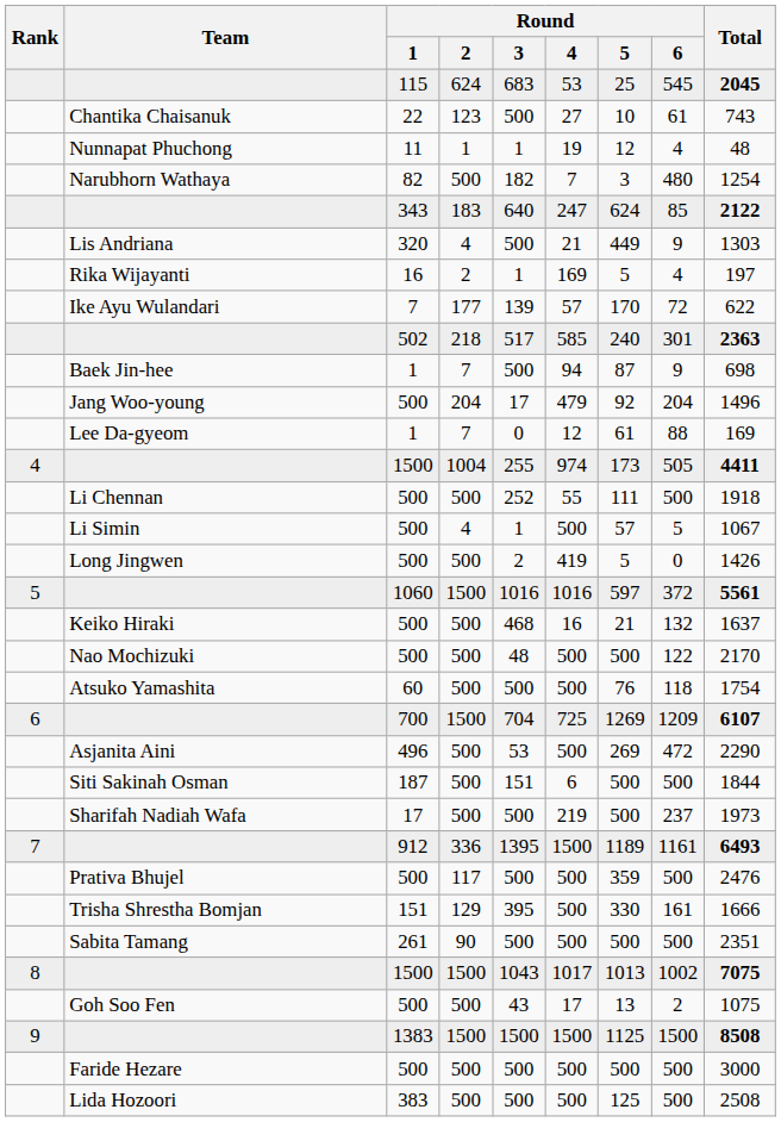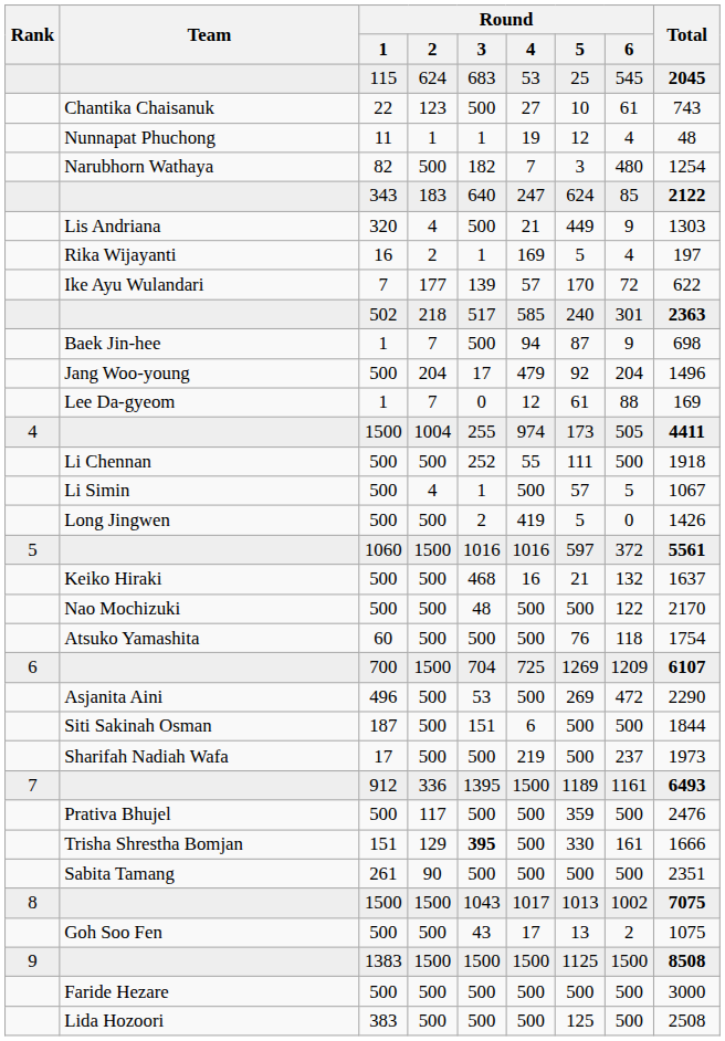 <table class=wikitable style="text-align:center">
 <tr>
 <th rowspan="2" width=40>Rank</th>
 <th rowspan="2" width=250>Team</th>
 <th colspan="6">Round</th>
 <th rowspan="2" width=50>Total</th>
 </tr>
 <tr>
 <th width=35>1</th>
 <th width=35>2</th>
 <th width=35>3</th>
 <th width=35>4</th>
 <th width=35>5</th>
 <th width=35>6</th>
 </tr>
 <tr style="background:#eeeeee;">
 <td></td>
 <td align=left></td>
 <td>115</td>
 <td>624</td>
 <td>683</td>
 <td>53</td>
 <td>25</td>
 <td>545</td>
 <td><strong>2045</strong></td>
 </tr>
 <tr>
 <td></td>
 <td align=left>Chantika Chaisanuk</td>
 <td>22</td>
 <td>123</td>
 <td>500</td>
 <td>27</td>
 <td>10</td>
 <td>61</td>
 <td>743</td>
 </tr>
 <tr>
 <td></td>
 <td align=left>Nunnapat Phuchong</td>
 <td>11</td>
 <td>1</td>
 <td>1</td>
 <td>19</td>
 <td>12</td>
 <td>4</td>
 <td>48</td>
 </tr>
 <tr>
 <td></td>
 <td align=left>Narubhorn Wathaya</td>
 <td>82</td>
 <td>500</td>
 <td>182</td>
 <td>7</td>
 <td>3</td>
 <td>480</td>
 <td>1254</td>
 </tr>
 <tr style="background:#eeeeee;">
 <td></td>
 <td align=left></td>
 <td>343</td>
 <td>183</td>
 <td>640</td>
 <td>247</td>
 <td>624</td>
 <td>85</td>
 <td><strong>2122</strong></td>
 </tr>
 <tr>
 <td></td>
 <td align=left>Lis Andriana</td>
 <td>320</td>
 <td>4</td>
 <td>500</td>
 <td>21</td>
 <td>449</td>
 <td>9</td>
 <td>1303</td>
 </tr>
 <tr>
 <td></td>
 <td align=left>Rika Wijayanti</td>
 <td>16</td>
 <td>2</td>
 <td>1</td>
 <td>169</td>
 <td>5</td>
 <td>4</td>
 <td>197</td>
 </tr>
 <tr>
 <td></td>
 <td align=left>Ike Ayu Wulandari</td>
 <td>7</td>
 <td>177</td>
 <td>139</td>
 <td>57</td>
 <td>170</td>
 <td>72</td>
 <td>622</td>
 </tr>
 <tr style="background:#eeeeee;">
 <td></td>
 <td align=left></td>
 <td>502</td>
 <td>218</td>
 <td>517</td>
 <td>585</td>
 <td>240</td>
 <td>301</td>
 <td><strong>2363</strong></td>
 </tr>
 <tr>
 <td></td>
 <td align=left>Baek Jin-hee</td>
 <td>1</td>
 <td>7</td>
 <td>500</td>
 <td>94</td>
 <td>87</td>
 <td>9</td>
 <td>698</td>
 </tr>
 <tr>
 <td></td>
 <td align=left>Jang Woo-young</td>
 <td>500</td>
 <td>204</td>
 <td>17</td>
 <td>479</td>
 <td>92</td>
 <td>204</td>
 <td>1496</td>
 </tr>
 <tr>
 <td></td>
 <td align=left>Lee Da-gyeom</td>
 <td>1</td>
 <td>7</td>
 <td>0</td>
 <td>12</td>
 <td>61</td>
 <td>88</td>
 <td>169</td>
 </tr>
 <tr style="background:#eeeeee;">
 <td>4</td>
 <td align=left></td>
 <td>1500</td>
 <td>1004</td>
 <td>255</td>
 <td>974</td>
 <td>173</td>
 <td>505</td>
 <td><strong>4411</strong></td>
 </tr>
 <tr>
 <td></td>
 <td align=left>Li Chennan</td>
 <td>500</td>
 <td>500</td>
 <td>252</td>
 <td>55</td>
 <td>111</td>
 <td>500</td>
 <td>1918</td>
 </tr>
 <tr>
 <td></td>
 <td align=left>Li Simin</td>
 <td>500</td>
 <td>4</td>
 <td>1</td>
 <td>500</td>
 <td>57</td>
 <td>5</td>
 <td>1067</td>
 </tr>
 <tr>
 <td></td>
 <td align=left>Long Jingwen</td>
 <td>500</td>
 <td>500</td>
 <td>2</td>
 <td>419</td>
 <td>5</td>
 <td>0</td>
 <td>1426</td>
 </tr>
 <tr style="background:#eeeeee;">
 <td>5</td>
 <td align=left></td>
 <td>1060</td>
 <td>1500</td>
 <td>1016</td>
 <td>1016</td>
 <td>597</td>
 <td>372</td>
 <td><strong>5561</strong></td>
 </tr>
 <tr>
 <td></td>
 <td align=left>Keiko Hiraki</td>
 <td>500</td>
 <td>500</td>
 <td>468</td>
 <td>16</td>
 <td>21</td>
 <td>132</td>
 <td>1637</td>
 </tr>
 <tr>
 <td></td>
 <td align=left>Nao Mochizuki</td>
 <td>500</td>
 <td>500</td>
 <td>48</td>
 <td>500</td>
 <td>500</td>
 <td>122</td>
 <td>2170</td>
 </tr>
 <tr>
 <td></td>
 <td align=left>Atsuko Yamashita</td>
 <td>60</td>
 <td>500</td>
 <td>500</td>
 <td>500</td>
 <td>76</td>
 <td>118</td>
 <td>1754</td>
 </tr>
 <tr style="background:#eeeeee;">
 <td>6</td>
 <td align=left></td>
 <td>700</td>
 <td>1500</td>
 <td>704</td>
 <td>725</td>
 <td>1269</td>
 <td>1209</td>
 <td><strong>6107</strong></td>
 </tr>
 <tr>
 <td></td>
 <td align=left>Asjanita Aini</td>
 <td>496</td>
 <td>500</td>
 <td>53</td>
 <td>500</td>
 <td>269</td>
 <td>472</td>
 <td>2290</td>
 </tr>
 <tr>
 <td></td>
 <td align=left>Siti Sakinah Osman</td>
 <td>187</td>
 <td>500</td>
 <td>151</td>
 <td>6</td>
 <td>500</td>
 <td>500</td>
 <td>1844</td>
 </tr>
 <tr>
 <td></td>
 <td align=left>Sharifah Nadiah Wafa</td>
 <td>17</td>
 <td>500</td>
 <td>500</td>
 <td>219</td>
 <td>500</td>
 <td>237</td>
 <td>1973</td>
 </tr>
 <tr style="background:#eeeeee;">
 <td>7</td>
 <td align=left></td>
 <td>912</td>
 <td>336</td>
 <td>1395</td>
 <td>1500</td>
 <td>1189</td>
 <td>1161</td>
 <td><strong>6493</strong></td>
 </tr>
 <tr>
 <td></td>
 <td align=left>Prativa Bhujel</td>
 <td>500</td>
 <td>117</td>
 <td>500</td>
 <td>500</td>
 <td>359</td>
 <td>500</td>
 <td>2476</td>
 </tr>
 <tr>
 <td></td>
 <td align=left>Trisha Shrestha Bomjan</td>
 <td>151</td>
 <td>129</td>
-<td>395</td>
+<td><strong>395</strong></td>
 <td>500</td>
 <td>330</td>
 <td>161</td>
 <td>1666</td>
 </tr>
 <tr>
 <td></td>
 <td align=left>Sabita Tamang</td>
 <td>261</td>
 <td>90</td>
 <td>500</td>
 <td>500</td>
 <td>500</td>
 <td>500</td>
 <td>2351</td>
 </tr>
 <tr style="background:#eeeeee;">
 <td>8</td>
 <td align=left></td>
 <td>1500</td>
 <td>1500</td>
 <td>1043</td>
 <td>1017</td>
 <td>1013</td>
 <td>1002</td>
 <td><strong>7075</strong></td>
 </tr>
 <tr>
 <td></td>
 <td align=left>Goh Soo Fen</td>
 <td>500</td>
 <td>500</td>
 <td>43</td>
 <td>17</td>
 <td>13</td>
 <td>2</td>
 <td>1075</td>
 </tr>
 <tr style="background:#eeeeee;">
 <td>9</td>
 <td align=left></td>
 <td>1383</td>
 <td>1500</td>
 <td>1500</td>
 <td>1500</td>
 <td>1125</td>
 <td>1500</td>
 <td><strong>8508</strong></td>
 </tr>
 <tr>
 <td></td>
 <td align=left>Faride Hezare</td>
 <td>500</td>
 <td>500</td>
 <td>500</td>
 <td>500</td>
 <td>500</td>
 <td>500</td>
 <td>3000</td>
 </tr>
 <tr>
 <td></td>
 <td align=left>Lida Hozoori</td>
 <td>383</td>
 <td>500</td>
 <td>500</td>
 <td>500</td>
 <td>125</td>
 <td>500</td>
 <td>2508</td>
 </tr>
 </table>
